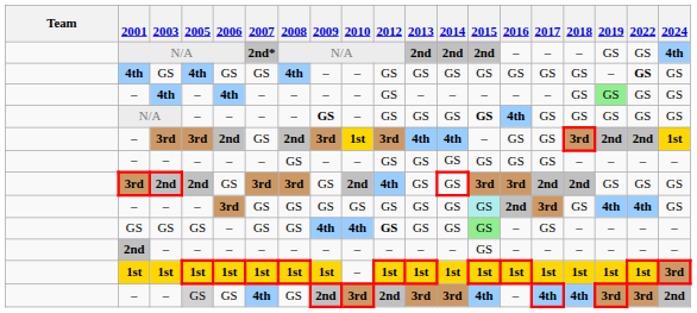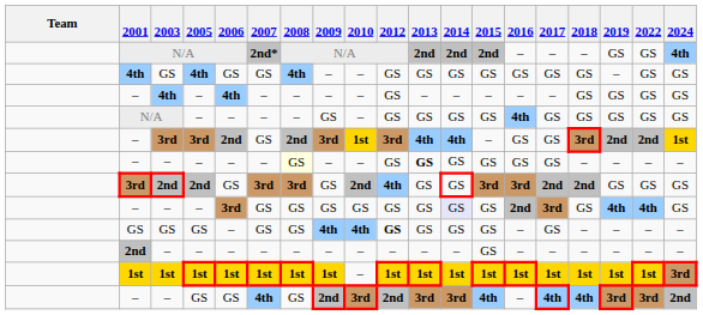 <table class="wikitable" style="text-align:center; font-size:90%;">
 <tr>
 <th width=120>Team</th>
 <th><br><a href='#'>2001</a></th>
 <th><br><a href='#'>2003</a></th>
 <th><br><a href='#'>2005</a></th>
 <th><br><a href='#'>2006</a></th>
 <th><br><a href='#'>2007</a></th>
 <th><br><a href='#'>2008</a></th>
 <th><br><a href='#'>2009</a></th>
 <th><br><a href='#'>2010</a></th>
 <th><br><a href='#'>2012</a></th>
 <th><br><a href='#'>2013</a></th>
 <th><br><a href='#'>2014</a></th>
 <th><br><a href='#'>2015</a></th>
 <th><br><a href='#'>2016</a></th>
 <th><br><a href='#'>2017</a></th>
 <th><br><a href='#'>2018</a></th>
 <th><br><a href='#'>2019</a></th>
 <th><br><a href='#'>2022</a></th>
 <th><br><a href='#'>2024</a></th>
 </tr>
 <tr>
 <td align=left></td>
 <td colspan="4" style="background:#ececec; color:grey;">N/A</td>
 <td style="background:silver;"><strong>2nd*</strong></td>
 <td colspan="4" style="background:#ececec; color:grey;">N/A</td>
 <td style="background:silver;"><strong>2nd</strong></td>
 <td style="background:silver;"><strong>2nd</strong></td>
 <td style="background:silver;"><strong>2nd</strong></td>
 <td>–</td>
 <td>–</td>
 <td>–</td>
 <td>GS</td>
 <td>GS</td>
 <td style="background:#9acdff;"><strong>4th</strong></td>
 </tr>
 <tr>
 <td align=left></td>
 <td style="background:#9acdff;"><strong>4th</strong></td>
 <td>GS</td>
 <td style="background:#9acdff;"><strong>4th</strong></td>
 <td>GS</td>
 <td>GS</td>
 <td style="background:#9acdff;"><strong>4th</strong></td>
 <td>–</td>
 <td>–</td>
 <td>GS</td>
 <td>GS</td>
 <td>GS</td>
 <td>GS</td>
 <td>GS</td>
 <td>GS</td>
 <td>GS</td>
 <td>–</td>
-<td><strong>GS</strong></td>
+<td>GS</td>
 <td>GS</td>
 </tr>
 <tr>
 <td align=left></td>
 <td>–</td>
 <td style="background:#9acdff;"><strong>4th</strong></td>
 <td>–</td>
 <td style="background:#9acdff;"><strong>4th</strong></td>
 <td>–</td>
 <td>–</td>
 <td>–</td>
 <td>–</td>
 <td>GS</td>
 <td>–</td>
 <td>–</td>
 <td>–</td>
 <td>–</td>
 <td>–</td>
 <td>GS</td>
-<td style="background: lightgreen;">GS</td>
+<td>GS</td>
 <td>GS</td>
 <td>GS</td>
 </tr>
 <tr>
 <td align=left></td>
 <td colspan=2 style="background:#ececec; color:grey;">N/A</td>
 <td>–</td>
 <td>–</td>
 <td>–</td>
 <td>–</td>
-<td><strong>GS</strong></td>
+<td>GS</td>
 <td>–</td>
 <td>GS</td>
 <td>GS</td>
 <td>GS</td>
-<td><strong>GS</strong></td>
+<td>GS</td>
 <td style="background:#9acdff;"><strong>4th</strong></td>
 <td>GS</td>
 <td>GS</td>
 <td>GS</td>
 <td>GS</td>
 <td>GS</td>
 </tr>
 <tr>
 <td align=left></td>
 <td>–</td>
 <td style="background:#cc9966;"><strong>3rd</strong></td>
 <td style="background:#cc9966;"><strong>3rd</strong></td>
 <td style="background:silver;"><strong>2nd</strong></td>
 <td>GS</td>
 <td style="background:silver;"><strong>2nd</strong></td>
 <td style="background:#cc9966;"><strong>3rd</strong></td>
 <td style="background:gold;"><strong>1st</strong></td>
 <td style="background:#cc9966;"><strong>3rd</strong></td>
 <td style="background:#9acdff;"><strong>4th</strong></td>
 <td style="background:#9acdff;"><strong>4th</strong></td>
 <td>–</td>
 <td>GS</td>
 <td>GS</td>
 <td bgcolor=#cc9966 style="border:3px solid red"><strong>3rd</strong></td>
 <td style="background:silver;"><strong>2nd</strong></td>
 <td style="background:silver;"><strong>2nd</strong></td>
 <td style="background:gold;"><strong>1st</strong></td>
 </tr>
 <tr>
 <td align=left></td>
 <td>–</td>
 <td>–</td>
 <td>–</td>
 <td>–</td>
 <td>–</td>
-<td>GS</td>
+<td style="background: lightyellow;">GS</td>
 <td>–</td>
 <td>–</td>
 <td>GS</td>
-<td>GS</td>
+<td><strong>GS</strong></td>
 <td>GS</td>
 <td>GS</td>
 <td>GS</td>
 <td>GS</td>
 <td>–</td>
 <td>–</td>
 <td>–</td>
 <td>–</td>
 </tr>
 <tr>
 <td align=left></td>
 <td bgcolor=#cc9966 style="border:3px solid red"><strong>3rd</strong></td>
 <td bgcolor=silver style="border:3px solid red"><strong>2nd</strong></td>
 <td style="background:silver;"><strong>2nd</strong></td>
 <td>GS</td>
 <td style="background:#cc9966;"><strong>3rd</strong></td>
 <td style="background:#cc9966;"><strong>3rd</strong></td>
 <td>GS</td>
 <td style="background:silver;"><strong>2nd</strong></td>
 <td style="background:#9acdff;"><strong>4th</strong></td>
 <td>GS</td>
 <td style="border:3px solid red">GS</td>
 <td style="background:#cc9966;"><strong>3rd</strong></td>
 <td style="background:#cc9966;"><strong>3rd</strong></td>
 <td style="background:silver;"><strong>2nd</strong></td>
 <td style="background:silver;"><strong>2nd</strong></td>
 <td>GS</td>
 <td>GS</td>
 <td>GS</td>
 </tr>
 <tr>
 <td align=left></td>
 <td>–</td>
 <td>–</td>
 <td>–</td>
 <td style="background:#cc9966;"><strong>3rd</strong></td>
 <td>GS</td>
 <td>GS</td>
 <td>GS</td>
 <td>GS</td>
 <td>GS</td>
 <td>GS</td>
+<td style="background: lavender;">GS</td>
 <td>GS</td>
-<td style="background: paleturquoise;">GS</td>
 <td style="background:silver;"><strong>2nd</strong></td>
 <td style="background:#cc9966;"><strong>3rd</strong></td>
 <td>GS</td>
 <td style="background:#9acdff;"><strong>4th</strong></td>
 <td style="background:#9acdff;"><strong>4th</strong></td>
 <td>GS</td>
 </tr>
 <tr>
 <td align=left></td>
 <td>GS</td>
 <td>GS</td>
 <td>GS</td>
 <td>–</td>
 <td>GS</td>
 <td>GS</td>
 <td style="background:#9acdff;"><strong>4th</strong></td>
 <td style="background:#9acdff;"><strong>4th</strong></td>
 <td><strong>GS</strong></td>
 <td>GS</td>
 <td>GS</td>
-<td style="background: lightgreen;">GS</td>
+<td>GS</td>
 <td>–</td>
 <td>GS</td>
 <td>–</td>
 <td>–</td>
 <td>–</td>
 <td>–</td>
 </tr>
 <tr>
 <td align=left></td>
 <td style="background:silver;"><strong>2nd</strong></td>
 <td>–</td>
 <td>–</td>
 <td>–</td>
 <td>–</td>
 <td>–</td>
 <td>–</td>
 <td>–</td>
 <td>–</td>
 <td>–</td>
 <td>–</td>
 <td>GS</td>
 <td>–</td>
 <td>–</td>
 <td>–</td>
 <td>–</td>
 <td>–</td>
 <td>–</td>
 </tr>
 <tr>
 <td align=left></td>
 <td style="background:gold;"><strong>1st</strong></td>
 <td style="background:gold;"><strong>1st</strong></td>
 <td bgcolor=gold style="border:3px solid red"><strong>1st</strong></td>
 <td bgcolor=gold style="border:3px solid red"><strong>1st</strong></td>
 <td bgcolor=gold style="border:3px solid red"><strong>1st</strong></td>
 <td bgcolor=gold style="border:3px solid red"><strong>1st</strong></td>
 <td style="background:gold;"><strong>1st</strong></td>
 <td>–</td>
 <td bgcolor=gold style="border:3px solid red"><strong>1st</strong></td>
 <td bgcolor=gold style="border:3px solid red"><strong>1st</strong></td>
 <td style="background:gold;"><strong>1st</strong></td>
 <td bgcolor=gold style="border:3px solid red"><strong>1st</strong></td>
 <td bgcolor=gold style="border:3px solid red"><strong>1st</strong></td>
 <td bgcolor=gold><strong>1st</strong></td>
 <td bgcolor=gold><strong>1st</strong></td>
 <td bgcolor=gold><strong>1st</strong></td>
 <td bgcolor=gold style="border:3px solid red"><strong>1st</strong></td>
 <td bgcolor=#cc9966 style="border:3px solid red"><strong>3rd</strong></td>
 </tr>
 <tr>
 <td align=left></td>
 <td>–</td>
 <td>–</td>
-<td style="background: lightgrey;">GS</td>
+<td>GS</td>
 <td>GS</td>
 <td style="background:#9acdff;"><strong>4th</strong></td>
 <td>GS</td>
 <td bgcolor=silver style="border:3px solid red"><strong>2nd</strong></td>
 <td bgcolor=#cc9966 style="border:3px solid red"><strong>3rd</strong></td>
 <td style="background:silver;"><strong>2nd</strong></td>
 <td style="background:#cc9966;"><strong>3rd</strong></td>
 <td style="background:#cc9966;"><strong>3rd</strong></td>
 <td style="background:#9acdff;"><strong>4th</strong></td>
 <td>–</td>
 <td bgcolor=#9acdff style="border:3px solid red"><strong>4th</strong></td>
 <td bgcolor=#9acdff><strong>4th</strong></td>
 <td bgcolor=#cc9966 style="border:3px solid red"><strong>3rd</strong></td>
 <td bgcolor=#cc9966><strong>3rd</strong></td>
 <td style="background:silver;"><strong>2nd</strong></td>
 </tr>
 </table>
